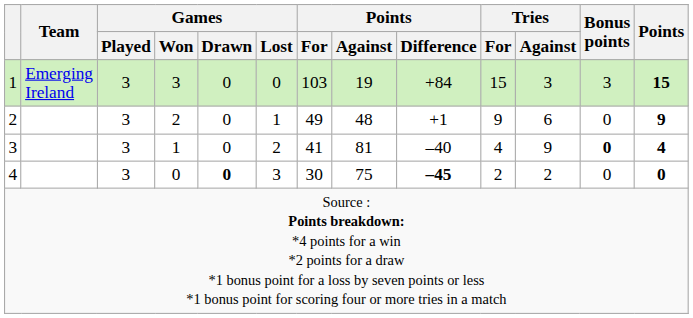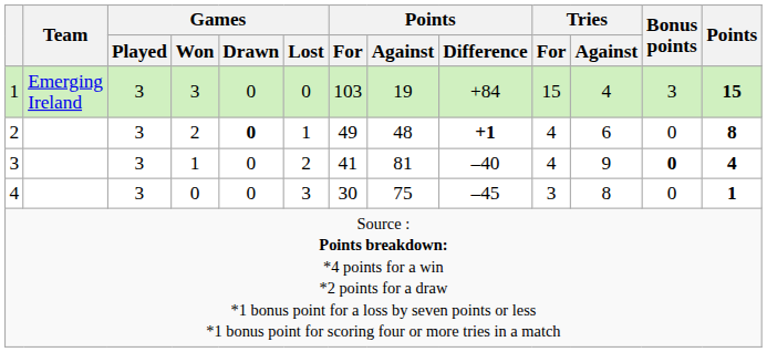 <table class="wikitable" style="text-align: center;">
 <tr>
 <th rowspan="2" bgcolor="#efefef" width="20"></th>
 <th rowspan="2" bgcolor="#efefef" width="150">Team</th>
 <th colspan="4" bgcolor="#efefef" width="100">Games</th>
 <th colspan="3" bgcolor="#efefef" width="60">Points</th>
 <th colspan="2" bgcolor="#efefef" width="40">Tries</th>
 <th rowspan="2" bgcolor="#efefef" width="40">Bonus points</th>
 <th rowspan="2" bgcolor="#efefef" width="20">Points</th>
 </tr>
 <tr>
 <th bgcolor="#efefef" width="20">Played</th>
 <th bgcolor="#efefef" width="20">Won</th>
 <th bgcolor="#efefef" width="20">Drawn</th>
 <th bgcolor="#efefef" width="20">Lost</th>
 <th bgcolor="#efefef" width="20">For</th>
 <th bgcolor="#efefef" width="20">Against</th>
 <th bgcolor="#efefef" width="20">Difference</th>
 <th bgcolor="#efefef" width="20">For</th>
 <th bgcolor="#efefef" width="20">Against<br></th>
 </tr>
 <tr style="background:#D0F0C0; text-align:center;">
 <td>1</td>
 <td align=left> <a href='#'>Emerging Ireland</a></td>
 <td>3</td>
 <td>3</td>
 <td>0</td>
 <td>0</td>
 <td>103</td>
 <td>19</td>
 <td>+84</td>
 <td>15</td>
-<td>3</td>
+<td>4</td>
 <td>3</td>
 <td><strong>15</strong></td>
 </tr>
 <tr style="background:#fff; text-align:center;">
 <td>2</td>
 <td align=left></td>
 <td>3</td>
 <td>2</td>
-<td>0</td>
+<td><strong>0</strong></td>
 <td>1</td>
 <td>49</td>
 <td>48</td>
-<td>+1</td>
-<td>9</td>
+<td><strong>+1</strong></td>
+<td>4</td>
 <td>6</td>
 <td>0</td>
-<td><strong>9</strong></td>
+<td><strong>8</strong></td>
 </tr>
 <tr style="background:#fff; text-align:center;">
 <td>3</td>
 <td align=left></td>
 <td>3</td>
 <td>1</td>
 <td>0</td>
 <td>2</td>
 <td>41</td>
 <td>81</td>
 <td>–40</td>
 <td>4</td>
 <td>9</td>
 <td><strong>0</strong></td>
 <td><strong>4</strong></td>
 </tr>
 <tr style="background:#fff; text-align:center;">
 <td>4</td>
 <td align=left></td>
 <td>3</td>
 <td>0</td>
-<td><strong>0</strong></td>
+<td>0</td>
 <td>3</td>
 <td>30</td>
 <td>75</td>
-<td><strong>–45</strong></td>
-<td>2</td>
-<td>2</td>
+<td>–45</td>
+<td>3</td>
+<td>8</td>
 <td>0</td>
-<td><strong>0</strong></td>
+<td><strong>1</strong></td>
 </tr>
 <tr |align=left|>
 <td colspan="14" style="border:0;"><small>Source :  <br><strong>Points breakdown:</strong><br>*4 points for a win<br>*2 points for a draw<br>*1 bonus point for a loss by seven points or less<br>*1 bonus point for scoring four or more tries in a match</small></td>
 </tr>
 </table>
